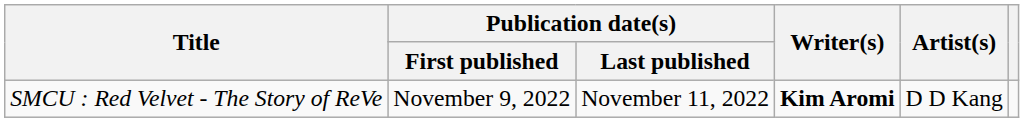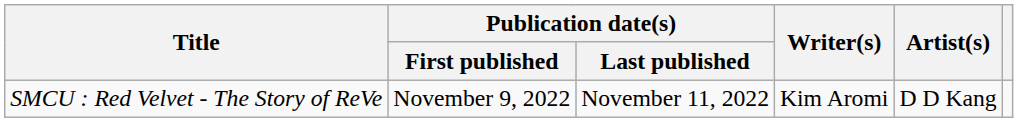 <table class="wikitable">
 <tr>
 <th rowspan="2">Title</th>
 <th colspan="2">Publication date(s)</th>
 <th rowspan="2">Writer(s)</th>
 <th rowspan="2">Artist(s)</th>
 <th rowspan="2"></th>
 </tr>
 <tr>
 <th>First published</th>
 <th>Last published</th>
 </tr>
 <tr>
 <td><em>SMCU : Red Velvet - The Story of ReVe</em></td>
 <td>November 9, 2022</td>
 <td>November 11, 2022</td>
-<td><strong>Kim Aromi</strong></td>
+<td>Kim Aromi</td>
 <td>D D Kang</td>
 <td></td>
 </tr>
 </table>
